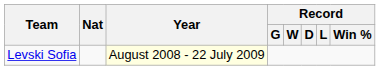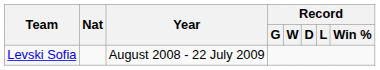 <table class="wikitable" style="text-align: center">
 <tr>
 <th rowspan="2">Team</th>
 <th rowspan="2">Nat</th>
 <th rowspan="2">Year</th>
 <th colspan="5">Record</th>
 </tr>
 <tr>
 <th>G</th>
 <th>W</th>
 <th>D</th>
 <th>L</th>
 <th>Win %</th>
 </tr>
 <tr>
 <td><a href='#'>Levski Sofia</a></td>
 <td></td>
-<td style="background: lightyellow;">August 2008 - 22 July 2009<br></td>
+<td>August 2008 - 22 July 2009<br></td>
 </tr>
 </table>
